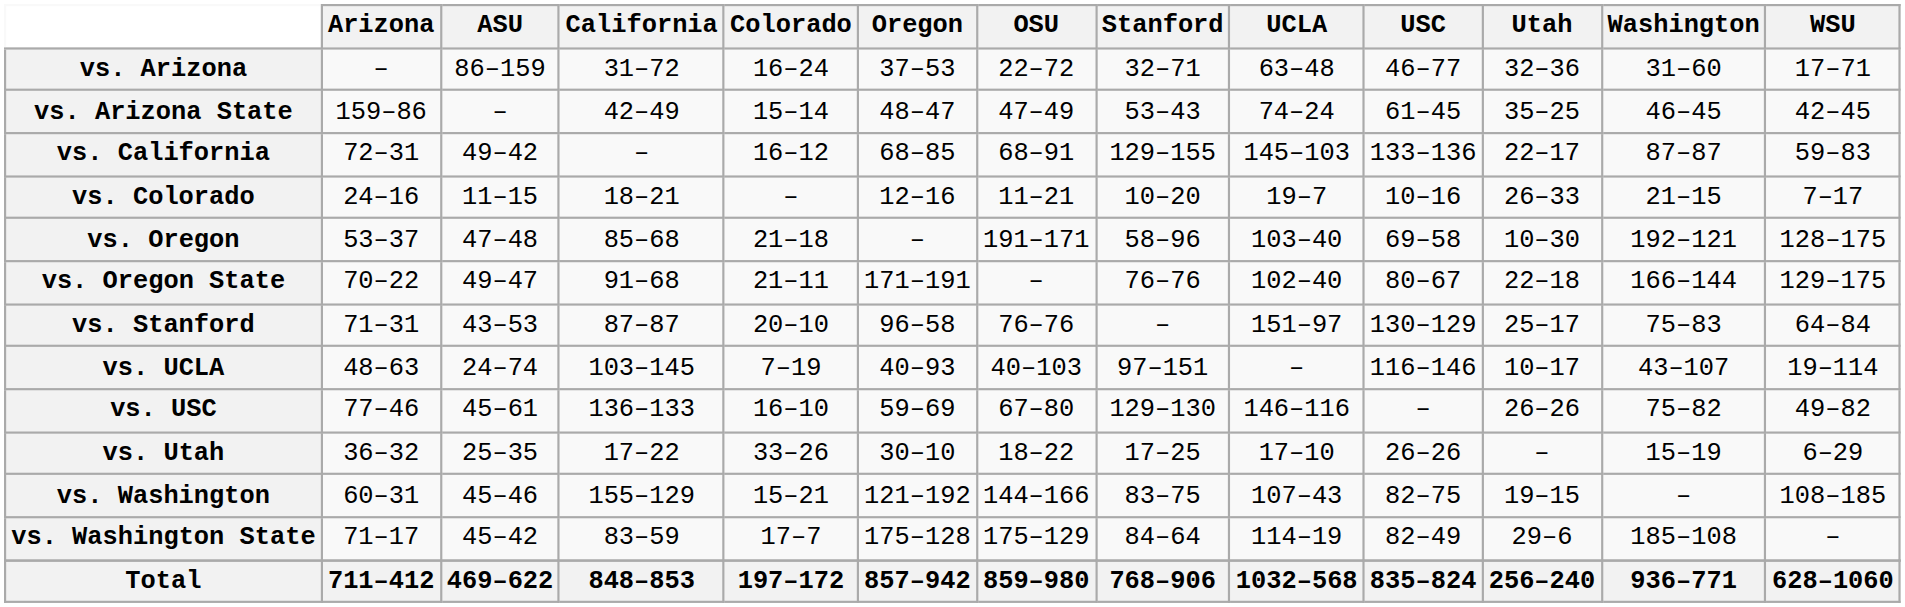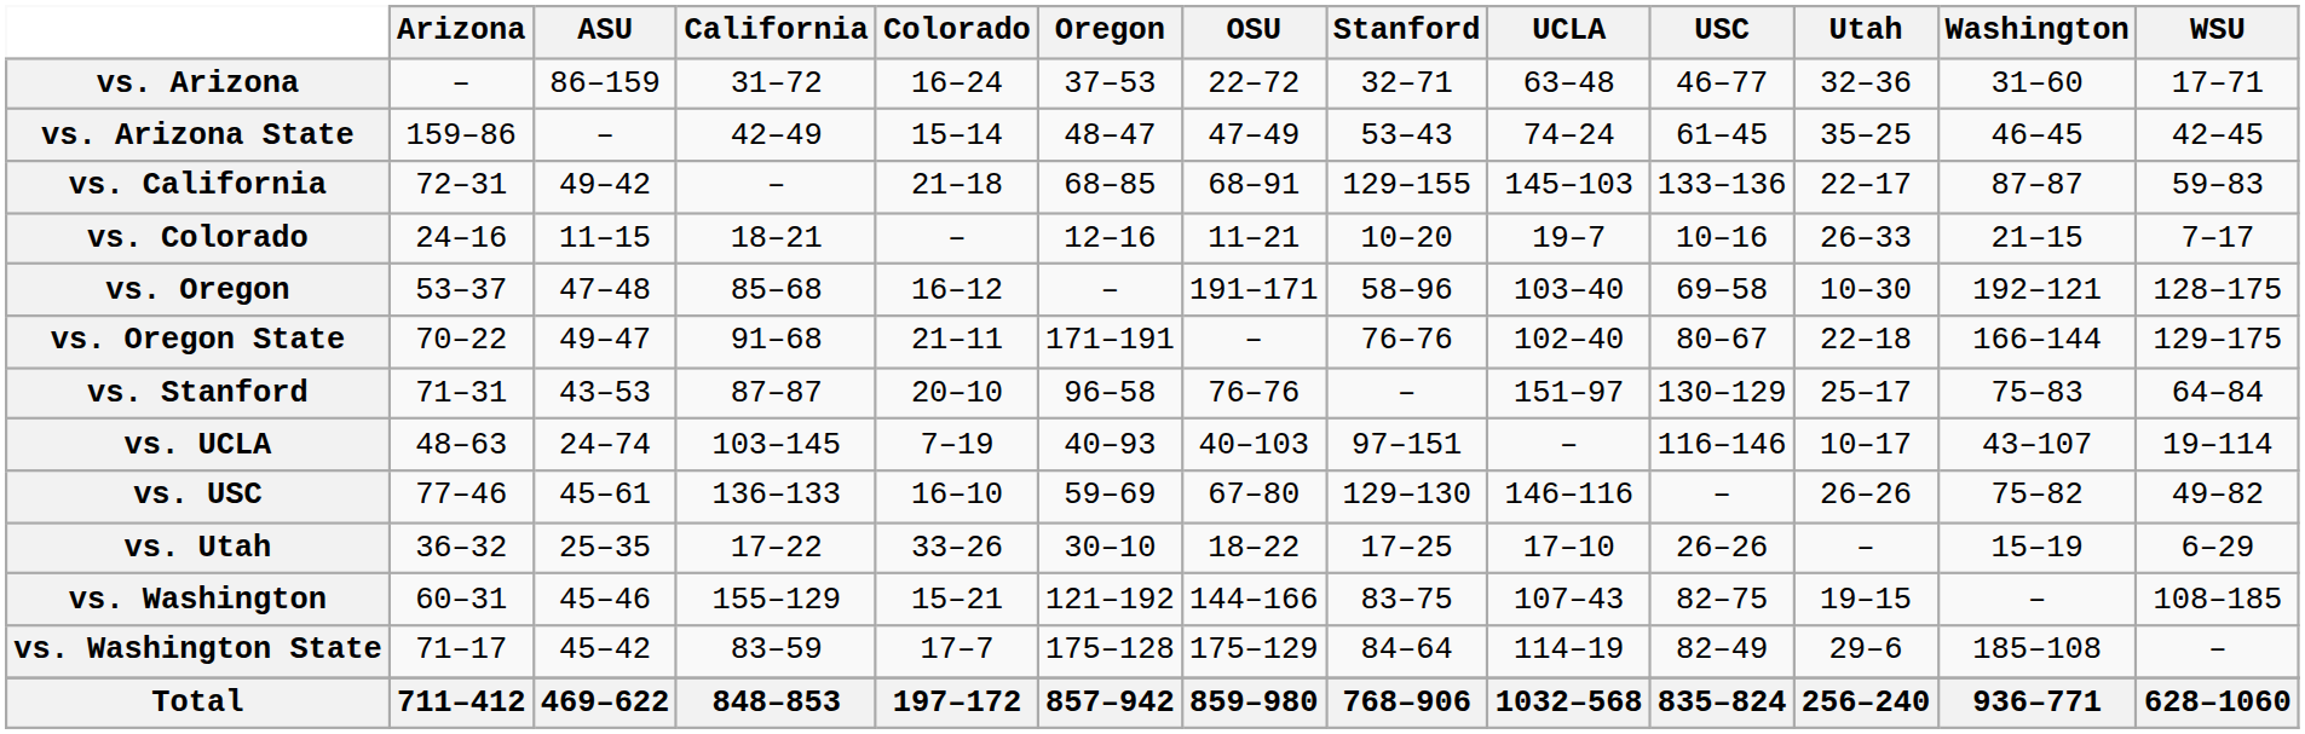 <table class="wikitable" style="white-space:nowrap;font-size:90%;">
 <tr>
 <th colspan=1 style="background:white; border-top-style:hidden; border-left-style:hidden;"   width=110> </th>
 <th>Arizona</th>
 <th>ASU</th>
 <th>California</th>
 <th>Colorado</th>
 <th>Oregon</th>
 <th>OSU</th>
 <th>Stanford</th>
 <th>UCLA</th>
 <th>USC</th>
 <th>Utah</th>
 <th>Washington</th>
 <th>WSU</th>
 </tr>
 <tr style="text-align:center;">
 <th>vs. Arizona</th>
 <td>–</td>
 <td>86–159</td>
 <td>31–72</td>
 <td>16–24</td>
 <td>37–53</td>
 <td>22–72</td>
 <td>32–71</td>
 <td>63–48</td>
 <td>46–77</td>
 <td>32–36</td>
 <td>31–60</td>
 <td>17–71</td>
 </tr>
 <tr style="text-align:center;">
 <th>vs. Arizona State</th>
 <td>159–86</td>
 <td>–</td>
 <td>42–49</td>
 <td>15–14</td>
 <td>48–47</td>
 <td>47–49</td>
 <td>53–43</td>
 <td>74–24</td>
 <td>61–45</td>
 <td>35–25</td>
 <td>46–45</td>
 <td>42–45</td>
 </tr>
 <tr style="text-align:center;">
 <th>vs. California</th>
 <td>72–31</td>
 <td>49–42</td>
 <td>–</td>
-<td>16–12</td>
+<td>21–18</td>
 <td>68–85</td>
 <td>68–91</td>
 <td>129–155</td>
 <td>145–103</td>
 <td>133–136</td>
 <td>22–17</td>
 <td>87–87</td>
 <td>59–83</td>
 </tr>
 <tr style="text-align:center;">
 <th>vs. Colorado</th>
 <td>24–16</td>
 <td>11–15</td>
 <td>18–21</td>
 <td>–</td>
 <td>12–16</td>
 <td>11–21</td>
 <td>10–20</td>
 <td>19–7</td>
 <td>10–16</td>
 <td>26–33</td>
 <td>21–15</td>
 <td>7–17</td>
 </tr>
 <tr style="text-align:center;">
 <th>vs. Oregon</th>
 <td>53–37</td>
 <td>47–48</td>
 <td>85–68</td>
-<td>21–18</td>
+<td>16–12</td>
 <td>–</td>
 <td>191–171</td>
 <td>58–96</td>
 <td>103–40</td>
 <td>69–58</td>
 <td>10–30</td>
 <td>192–121</td>
 <td>128–175</td>
 </tr>
 <tr style="text-align:center;">
 <th>vs. Oregon State</th>
 <td>70–22</td>
 <td>49–47</td>
 <td>91–68</td>
 <td>21–11</td>
 <td>171–191</td>
 <td>–</td>
 <td>76–76</td>
 <td>102–40</td>
 <td>80–67</td>
 <td>22–18</td>
 <td>166–144</td>
 <td>129–175</td>
 </tr>
 <tr style="text-align:center;">
 <th>vs. Stanford</th>
 <td>71–31</td>
 <td>43–53</td>
 <td>87–87</td>
 <td>20–10</td>
 <td>96–58</td>
 <td>76–76</td>
 <td>–</td>
 <td>151–97</td>
 <td>130–129</td>
 <td>25–17</td>
 <td>75–83</td>
 <td>64–84</td>
 </tr>
 <tr style="text-align:center;">
 <th>vs. UCLA</th>
 <td>48–63</td>
 <td>24–74</td>
 <td>103–145</td>
 <td>7–19</td>
 <td>40–93</td>
 <td>40–103</td>
 <td>97–151</td>
 <td>–</td>
 <td>116–146</td>
 <td>10–17</td>
 <td>43–107</td>
 <td>19–114</td>
 </tr>
 <tr style="text-align:center;">
 <th>vs. USC</th>
 <td>77–46</td>
 <td>45–61</td>
 <td>136–133</td>
 <td>16–10</td>
 <td>59–69</td>
 <td>67–80</td>
 <td>129–130</td>
 <td>146–116</td>
 <td>–</td>
 <td>26–26</td>
 <td>75–82</td>
 <td>49–82</td>
 </tr>
 <tr style="text-align:center;">
 <th>vs. Utah</th>
 <td>36–32</td>
 <td>25–35</td>
 <td>17–22</td>
 <td>33–26</td>
 <td>30–10</td>
 <td>18–22</td>
 <td>17–25</td>
 <td>17–10</td>
 <td>26–26</td>
 <td>–</td>
 <td>15–19</td>
 <td>6–29</td>
 </tr>
 <tr style="text-align:center;">
 <th>vs. Washington</th>
 <td>60–31</td>
 <td>45–46</td>
 <td>155–129</td>
 <td>15–21</td>
 <td>121–192</td>
 <td>144–166</td>
 <td>83–75</td>
 <td>107–43</td>
 <td>82–75</td>
 <td>19–15</td>
 <td>–</td>
 <td>108–185</td>
 </tr>
 <tr style="text-align:center;">
 <th>vs. Washington State</th>
 <td>71–17</td>
 <td>45–42</td>
 <td>83–59</td>
 <td>17–7</td>
 <td>175–128</td>
 <td>175–129</td>
 <td>84–64</td>
 <td>114–19</td>
 <td>82–49</td>
 <td>29–6</td>
 <td>185–108</td>
 <td>–</td>
 </tr>
 <tr style="text-align:center;">
 </tr>
 <tr style="text-align:center;">
 <th>Total</th>
 <th>711–412</th>
 <th>469–622</th>
 <th>848–853</th>
 <th>197–172</th>
 <th>857–942</th>
 <th>859–980</th>
 <th>768–906</th>
 <th>1032–568</th>
 <th>835–824</th>
 <th>256–240</th>
 <th>936–771</th>
 <th>628–1060</th>
 </tr>
 </table>
